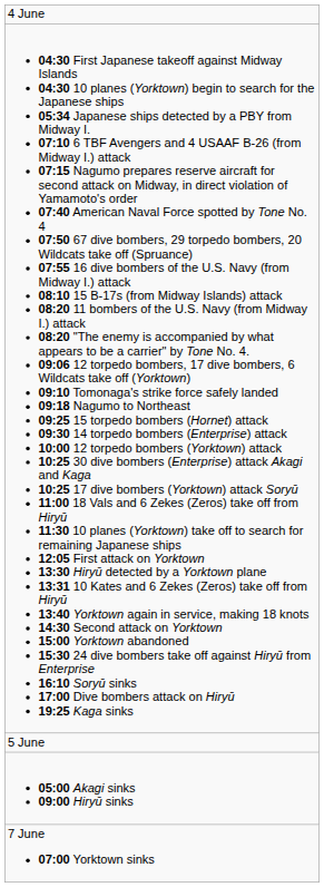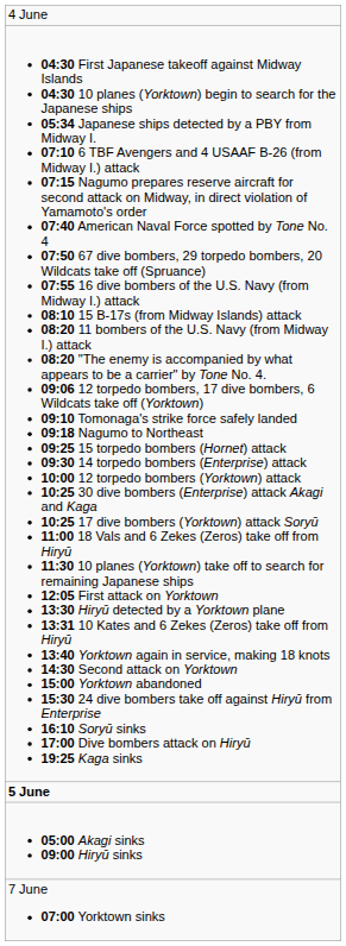 <table class="wikitable floatright" style="text-align:left; width:410px;">
 <tr>
 <td>4 June</td>
 </tr>
 <tr>
 <td><br><ul><li><strong>04:30</strong> First Japanese takeoff against Midway Islands</li><li><strong>04:30</strong> 10 planes (<em>Yorktown</em>) begin to search for the Japanese ships</li><li><strong>05:34</strong> Japanese ships detected by a PBY from Midway I.</li><li><strong>07:10</strong> 6 TBF Avengers and 4 USAAF B-26 (from Midway I.) attack</li><li><strong>07:15</strong> Nagumo prepares reserve aircraft for second attack on Midway, in direct violation of Yamamoto's order</li><li><strong>07:40</strong> American Naval Force spotted by <em>Tone</em> No. 4</li><li><strong>07:50</strong> 67 dive bombers, 29 torpedo bombers, 20 Wildcats take off (Spruance)</li><li><strong>07:55</strong> 16 dive bombers of the U.S. Navy (from Midway I.) attack</li><li><strong>08:10</strong> 15 B-17s (from Midway Islands) attack</li><li><strong>08:20</strong> 11 bombers of the U.S. Navy (from Midway I.) attack</li><li><strong>08:20</strong> "The enemy is accompanied by what appears to be a carrier" by <em>Tone</em> No. 4.</li><li><strong>09:06</strong> 12 torpedo bombers, 17 dive bombers, 6 Wildcats take off (<em>Yorktown</em>)</li><li><strong>09:10</strong> Tomonaga's strike force safely landed</li><li><strong>09:18</strong> Nagumo to Northeast</li><li><strong>09:25</strong> 15 torpedo bombers (<em>Hornet</em>) attack</li><li><strong>09:30</strong> 14 torpedo bombers (<em>Enterprise</em>) attack</li><li><strong>10:00</strong> 12 torpedo bombers (<em>Yorktown</em>) attack</li><li><strong>10:25</strong> 30 dive bombers (<em>Enterprise</em>) attack <em>Akagi</em> and <em>Kaga</em></li><li><strong>10:25</strong> 17 dive bombers (<em>Yorktown</em>) attack <em>Soryū</em></li><li><strong>11:00</strong> 18 Vals and 6 Zekes (Zeros) take off from <em>Hiryū</em></li><li><strong>11:30</strong> 10 planes (<em>Yorktown</em>) take off to search for remaining Japanese ships</li><li><strong>12:05</strong> First attack on <em>Yorktown</em></li><li><strong>13:30</strong> <em>Hiryū</em> detected by a <em>Yorktown</em> plane</li><li><strong>13:31</strong> 10 Kates and 6 Zekes (Zeros) take off from <em>Hiryū</em></li><li><strong>13:40</strong> <em>Yorktown</em> again in service, making 18 knots</li><li><strong>14:30</strong> Second attack on <em>Yorktown</em></li><li><strong>15:00</strong> <em>Yorktown</em> abandoned</li><li><strong>15:30</strong> 24 dive bombers take off against <em>Hiryū</em> from <em>Enterprise</em></li><li><strong>16:10</strong> <em>Soryū</em> sinks</li><li><strong>17:00</strong> Dive bombers attack on <em>Hiryū</em></li><li><strong>19:25</strong> <em>Kaga</em> sinks</li></ul></td>
 </tr>
 <tr>
-<td>5 June</td>
+<td><strong>5 June</strong></td>
 </tr>
 <tr>
 <td><br><ul><li><strong>05:00</strong> <em>Akagi</em> sinks</li><li><strong>09:00</strong> <em>Hiryū</em> sinks</li></ul></td>
 </tr>
 <tr>
 <td>7 June<br><ul><li><strong>07:00</strong> Yorktown sinks</li></ul></td>
 </tr>
 </table>
